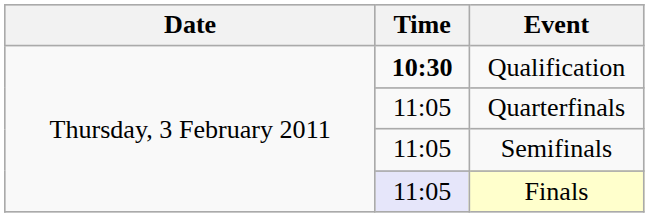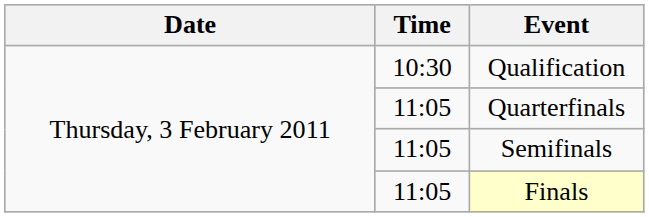 <table class = "wikitable" style="text-align:center;">
 <tr>
 <th width=220>Date</th>
 <th width=50>Time</th>
 <th width=100>Event</th>
 </tr>
 <tr>
 <td rowspan=4>Thursday, 3 February 2011</td>
-<td><strong>10:30</strong></td>
+<td>10:30</td>
 <td>Qualification</td>
 </tr>
 <tr>
 <td>11:05</td>
 <td>Quarterfinals</td>
 </tr>
 <tr>
 <td>11:05</td>
 <td>Semifinals</td>
 </tr>
 <tr>
-<td style="background: lavender;">11:05</td>
+<td>11:05</td>
 <td bgcolor=ffffcc>Finals</td>
 </tr>
 </table>
